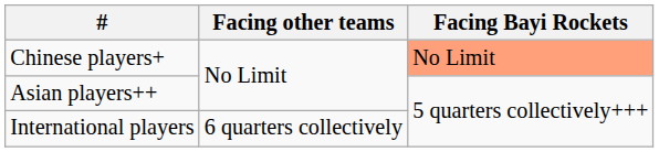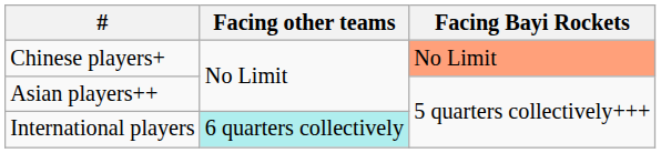 <table class="wikitable">
 <tr>
 <th>#</th>
 <th>Facing other teams</th>
 <th>Facing Bayi Rockets</th>
 </tr>
 <tr>
 <td>Chinese players+</td>
 <td rowspan=2>No Limit</td>
 <td style="background: lightsalmon;">No Limit</td>
 </tr>
 <tr>
 <td>Asian players++</td>
 <td rowspan=2>5 quarters collectively+++</td>
 </tr>
 <tr>
 <td>International players</td>
-<td>6 quarters collectively</td>
+<td style="background: paleturquoise;">6 quarters collectively</td>
 </tr>
 </table>
